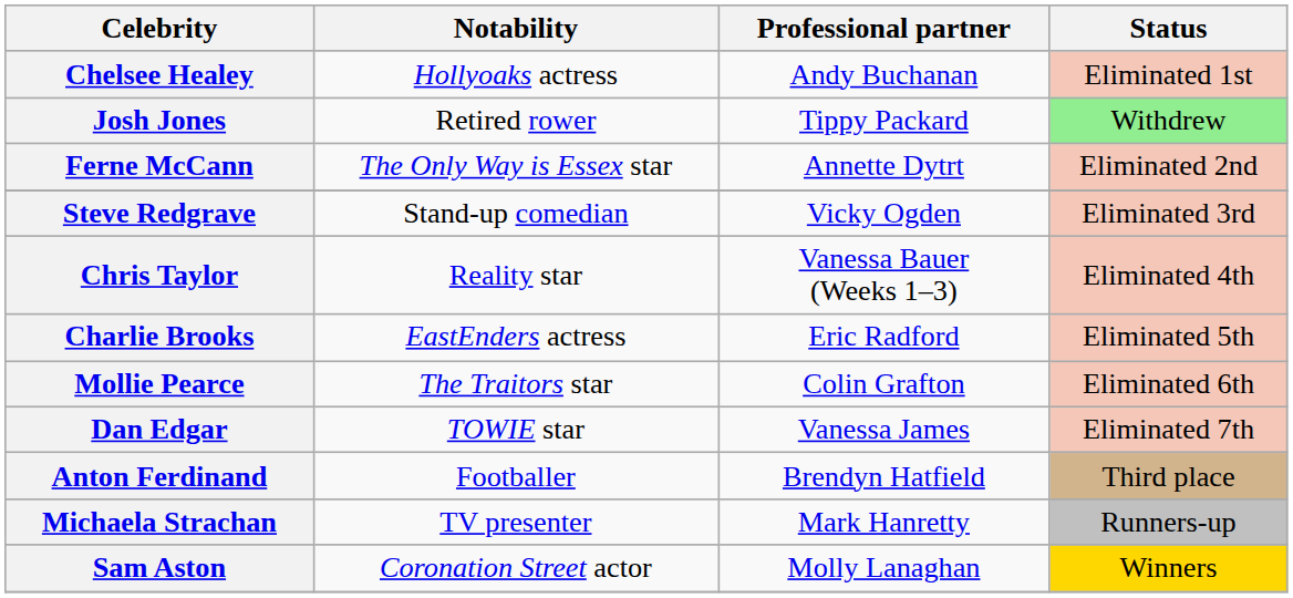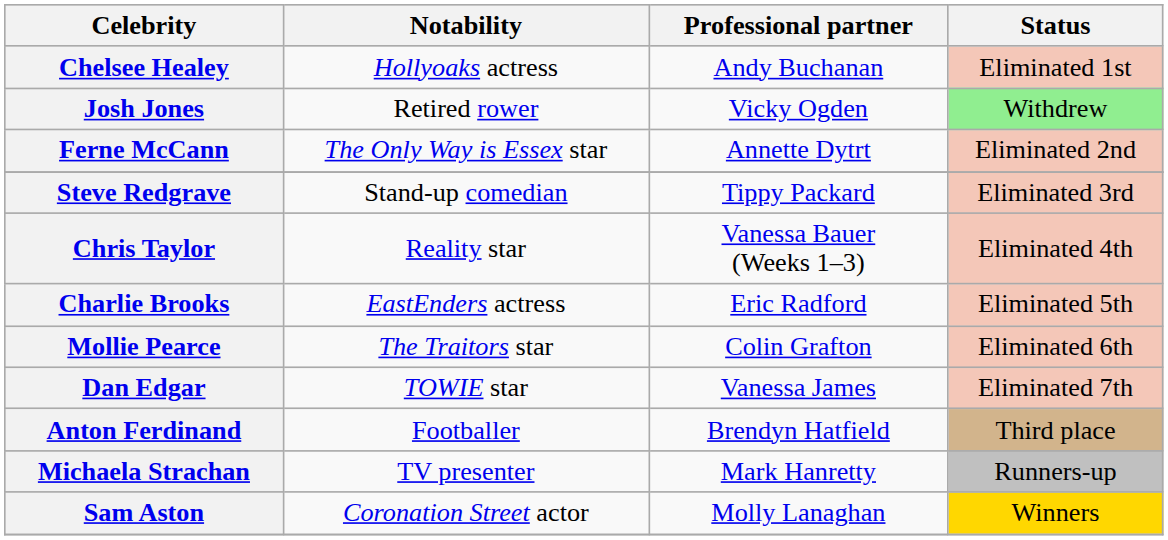 <table class="wikitable sortable" style="text-align:center; width:80%">
 <tr>
 <th scope="col">Celebrity</th>
 <th scope="col" class="unsortable">Notability</th>
 <th scope="col">Professional partner</th>
 <th scope="col">Status</th>
 </tr>
 <tr>
 <th scope="row"><a href='#'>Chelsee Healey</a></th>
 <td><em><a href='#'>Hollyoaks</a></em> actress</td>
 <td><a href='#'>Andy Buchanan</a></td>
 <td bgcolor="f4c7b8">Eliminated 1st</td>
 </tr>
 <tr>
 <th scope="row"><a href='#'>Josh Jones</a></th>
 <td>Retired <a href='#'>rower</a></td>
-<td><a href='#'>Tippy Packard</a></td>
+<td><a href='#'>Vicky Ogden</a></td>
 <td bgcolor="lightgreen">Withdrew</td>
 </tr>
 <tr>
 <th scope="row”"><a href='#'>Ferne McCann</a></th>
 <td><em><a href='#'>The Only Way is Essex</a></em> star</td>
 <td><a href='#'>Annette Dytrt</a></td>
 <td bgcolor="f4c7b8">Eliminated 2nd</td>
 </tr>
 <tr>
 </tr>
 <tr>
 <th scope="row"><a href='#'>Steve Redgrave</a></th>
 <td>Stand-up <a href='#'>comedian</a></td>
-<td><a href='#'>Vicky Ogden</a></td>
+<td><a href='#'>Tippy Packard</a></td>
 <td bgcolor="f4c7b8">Eliminated 3rd</td>
 </tr>
 <tr>
 <th scope="row"><a href='#'>Chris Taylor</a></th>
 <td><a href='#'>Reality</a> star</td>
 <td><a href='#'>Vanessa Bauer</a><br>(Weeks 1–3)<br><em></em></td>
 <td bgcolor="f4c7b8">Eliminated 4th</td>
 </tr>
 <tr>
 <th scope="row"><a href='#'>Charlie Brooks</a></th>
 <td><em><a href='#'>EastEnders</a></em> actress</td>
 <td><a href='#'>Eric Radford</a></td>
 <td bgcolor="f4c7b8">Eliminated 5th</td>
 </tr>
 <tr>
 <th scope="row"><a href='#'>Mollie Pearce</a></th>
 <td><em><a href='#'>The Traitors</a></em> star</td>
 <td><a href='#'>Colin Grafton</a></td>
 <td bgcolor="f4c7b8">Eliminated 6th</td>
 </tr>
 <tr>
 <th scope="row"><a href='#'>Dan Edgar</a></th>
 <td><em><a href='#'>TOWIE</a></em> star</td>
 <td><a href='#'>Vanessa James</a></td>
 <td bgcolor="f4c7b8">Eliminated 7th</td>
 </tr>
 <tr>
 <th scope="row"><a href='#'>Anton Ferdinand</a></th>
 <td><a href='#'>Footballer</a></td>
 <td><a href='#'>Brendyn Hatfield</a></td>
 <td bgcolor="tan">Third place</td>
 </tr>
 <tr>
 <th scope="row"><a href='#'>Michaela Strachan</a></th>
 <td><a href='#'>TV presenter</a></td>
 <td><a href='#'>Mark Hanretty</a></td>
 <td bgcolor="Silver">Runners-up</td>
 </tr>
 <tr>
 <th scope="row"><a href='#'>Sam Aston</a></th>
 <td><em><a href='#'>Coronation Street</a></em> actor</td>
 <td><a href='#'>Molly Lanaghan</a></td>
 <td bgcolor="Gold">Winners</td>
 </tr>
 <tr>
 </tr>
 </table>
